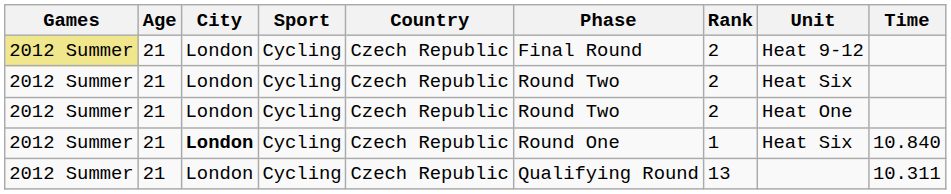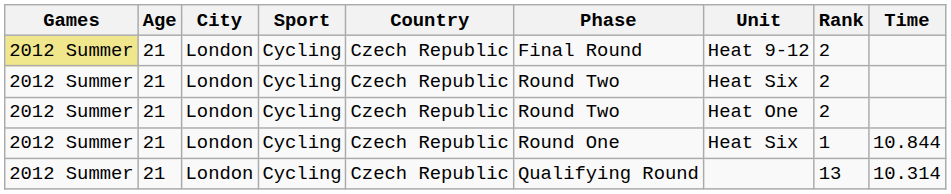 <table class="wikitable sortable">
 <tr>
 <th>Games</th>
 <th>Age</th>
 <th>City</th>
 <th>Sport</th>
 <th>Country</th>
 <th>Phase</th>
+<th>Unit</th>
 <th>Rank</th>
-<th>Unit</th>
 <th>Time</th>
 </tr>
 <tr>
 <td style="background: khaki;">2012 Summer</td>
 <td>21</td>
 <td>London</td>
 <td>Cycling</td>
 <td>Czech Republic</td>
 <td>Final Round</td>
+<td>Heat 9-12</td>
 <td>2</td>
-<td>Heat 9-12</td>
 <td></td>
 </tr>
 <tr>
 <td>2012 Summer</td>
 <td>21</td>
 <td>London</td>
 <td>Cycling</td>
 <td>Czech Republic</td>
 <td>Round Two</td>
+<td>Heat Six</td>
 <td>2</td>
-<td>Heat Six</td>
 <td></td>
 </tr>
 <tr>
 <td>2012 Summer</td>
 <td>21</td>
 <td>London</td>
 <td>Cycling</td>
 <td>Czech Republic</td>
 <td>Round Two</td>
+<td>Heat One</td>
 <td>2</td>
-<td>Heat One</td>
 <td></td>
 </tr>
 <tr>
 <td>2012 Summer</td>
 <td>21</td>
-<td><strong>London</strong></td>
+<td>London</td>
 <td>Cycling</td>
 <td>Czech Republic</td>
 <td>Round One</td>
+<td>Heat Six</td>
 <td>1</td>
-<td>Heat Six</td>
-<td>10.840</td>
+<td>10.844</td>
 </tr>
 <tr>
 <td>2012 Summer</td>
 <td>21</td>
 <td>London</td>
 <td>Cycling</td>
 <td>Czech Republic</td>
 <td>Qualifying Round</td>
+<td></td>
 <td>13</td>
-<td></td>
-<td>10.311</td>
+<td>10.314</td>
 </tr>
 </table>
